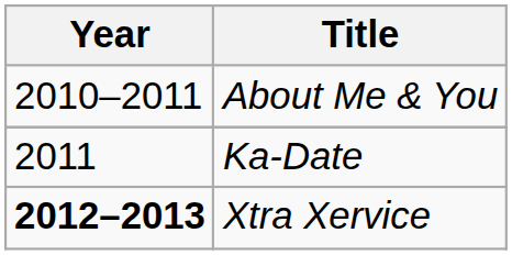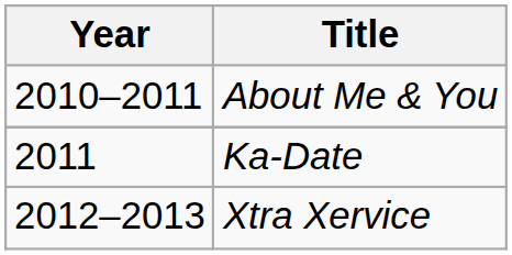 <table class="wikitable">
 <tr>
 <th>Year</th>
 <th>Title</th>
 </tr>
 <tr>
 <td>2010–2011</td>
 <td><em>About Me & You</em></td>
 </tr>
 <tr>
 </tr>
 <tr>
 <td>2011</td>
 <td><em>Ka-Date</em></td>
 </tr>
 <tr>
-<td><strong>2012–2013</strong></td>
+<td>2012–2013</td>
 <td><em>Xtra Xervice</em></td>
 </tr>
 </table>
